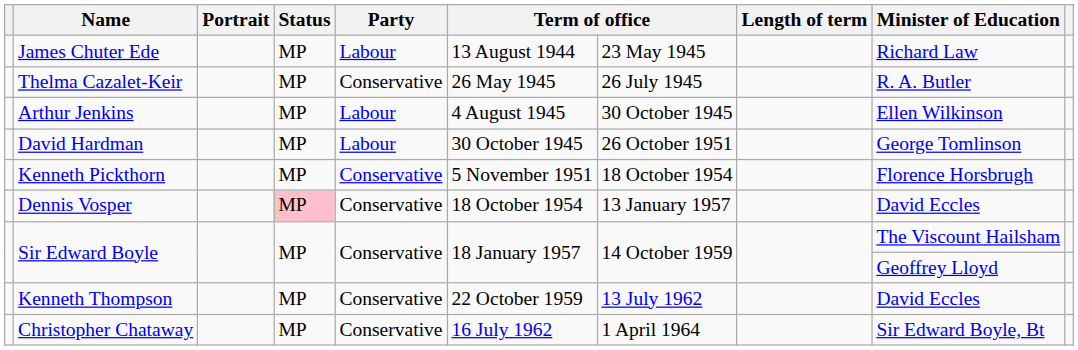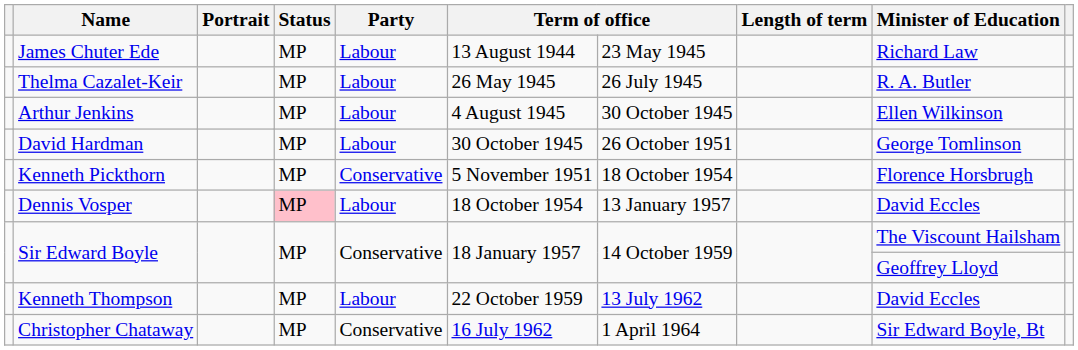 <table class="wikitable">
 <tr>
 <th></th>
 <th>Name</th>
 <th>Portrait</th>
 <th>Status</th>
 <th>Party</th>
 <th colspan=2>Term of office</th>
 <th>Length of term</th>
 <th><strong>Minister of Education</strong></th>
 <th></th>
 </tr>
 <tr>
 <td style="background-color: "></td>
 <td><a href='#'>James Chuter Ede</a></td>
 <td></td>
 <td>MP</td>
 <td><a href='#'>Labour</a></td>
 <td>13 August 1944</td>
 <td>23 May 1945</td>
 <td></td>
 <td><a href='#'>Richard Law</a></td>
 <td style="background-color: "></td>
 </tr>
 <tr>
 <td style="background-color: "></td>
 <td><a href='#'>Thelma Cazalet-Keir</a></td>
 <td></td>
 <td>MP</td>
-<td>Conservative</td>
+<td><a href='#'>Labour</a></td>
 <td>26 May 1945</td>
 <td>26 July 1945</td>
 <td></td>
 <td><a href='#'>R. A. Butler</a></td>
 <td style="background-color: "></td>
 </tr>
 <tr>
 <td style="background-color: "></td>
 <td><a href='#'>Arthur Jenkins</a></td>
 <td></td>
 <td>MP</td>
 <td><a href='#'>Labour</a></td>
 <td>4 August 1945</td>
 <td>30 October 1945</td>
 <td></td>
 <td rowspan="2"><a href='#'>Ellen Wilkinson</a></td>
 <td rowspan="2" style="background-color: "></td>
 </tr>
 <tr>
 <td rowspan="2" style="background-color: "></td>
 <td rowspan="2"><a href='#'>David Hardman</a></td>
 <td rowspan="2"></td>
 <td rowspan="2">MP</td>
 <td rowspan="2"><a href='#'>Labour</a></td>
 <td rowspan="2">30 October 1945</td>
 <td rowspan="2">26 October 1951</td>
 <td rowspan="2"></td>
 </tr>
 <tr>
 <td><a href='#'>George Tomlinson</a></td>
 <td style="background-color: "></td>
 </tr>
 <tr>
 <td style="background-color: "></td>
 <td><a href='#'>Kenneth Pickthorn</a></td>
 <td></td>
 <td>MP</td>
 <td><a href='#'>Conservative</a></td>
 <td>5 November 1951</td>
 <td>18 October 1954</td>
 <td></td>
 <td><a href='#'>Florence Horsbrugh</a></td>
 <td style="background-color: "></td>
 </tr>
 <tr>
 <td style="background-color: "></td>
 <td><a href='#'>Dennis Vosper</a></td>
 <td></td>
 <td style="background: pink;">MP</td>
-<td>Conservative</td>
+<td><a href='#'>Labour</a></td>
 <td>18 October 1954</td>
 <td>13 January 1957</td>
 <td></td>
 <td><a href='#'>David Eccles</a></td>
 <td style="background-color: "></td>
 </tr>
 <tr>
 <td rowspan="2" style="background-color: "></td>
 <td rowspan="2"><a href='#'>Sir Edward Boyle</a></td>
 <td rowspan="2"></td>
 <td rowspan="2">MP</td>
 <td rowspan="2">Conservative</td>
 <td rowspan="2">18 January 1957</td>
 <td rowspan="2">14 October 1959</td>
 <td rowspan="2"></td>
 <td><a href='#'>The Viscount Hailsham</a></td>
 <td style="background-color: "></td>
 </tr>
 <tr>
 <td><a href='#'>Geoffrey Lloyd</a></td>
 <td style="background-color: "></td>
 </tr>
 <tr>
 <td style="background-color: "></td>
 <td><a href='#'>Kenneth Thompson</a></td>
 <td></td>
 <td>MP</td>
-<td>Conservative</td>
+<td><a href='#'>Labour</a></td>
 <td>22 October 1959</td>
 <td><a href='#'>13 July 1962</a></td>
 <td></td>
 <td><a href='#'>David Eccles</a></td>
 <td style="background-color: "></td>
 </tr>
 <tr>
 <td style="background-color: "></td>
 <td><a href='#'>Christopher Chataway</a></td>
 <td></td>
 <td>MP</td>
 <td>Conservative</td>
 <td><a href='#'>16 July 1962</a></td>
 <td>1 April 1964</td>
 <td></td>
 <td><a href='#'>Sir Edward Boyle, Bt</a></td>
 <td style="background-color: "></td>
 </tr>
 </table>
